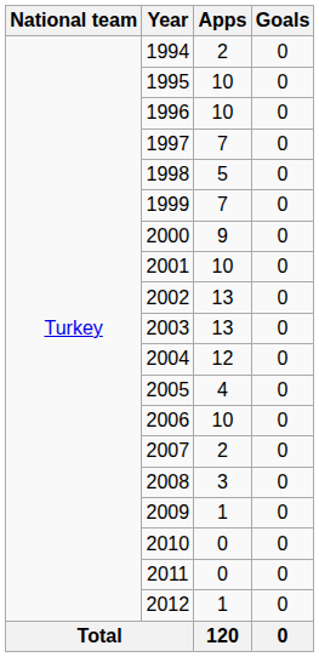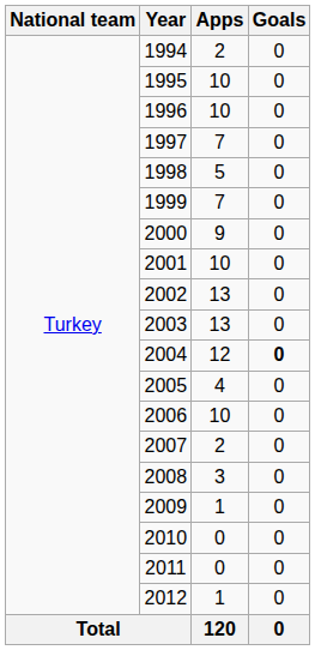 <table class="wikitable" style="text-align:center">
 <tr>
 <th>National team</th>
 <th>Year</th>
 <th>Apps</th>
 <th>Goals</th>
 </tr>
 <tr>
 <td rowspan="19"><a href='#'>Turkey</a></td>
 <td>1994</td>
 <td>2</td>
 <td>0</td>
 </tr>
 <tr>
 <td>1995</td>
 <td>10</td>
 <td>0</td>
 </tr>
 <tr>
 <td>1996</td>
 <td>10</td>
 <td>0</td>
 </tr>
 <tr>
 <td>1997</td>
 <td>7</td>
 <td>0</td>
 </tr>
 <tr>
 <td>1998</td>
 <td>5</td>
 <td>0</td>
 </tr>
 <tr>
 <td>1999</td>
 <td>7</td>
 <td>0</td>
 </tr>
 <tr>
 <td>2000</td>
 <td>9</td>
 <td>0</td>
 </tr>
 <tr>
 <td>2001</td>
 <td>10</td>
 <td>0</td>
 </tr>
 <tr>
 <td>2002</td>
 <td>13</td>
 <td>0</td>
 </tr>
 <tr>
 <td>2003</td>
 <td>13</td>
 <td>0</td>
 </tr>
 <tr>
 <td>2004</td>
 <td>12</td>
-<td>0</td>
+<td><strong>0</strong></td>
 </tr>
 <tr>
 <td>2005</td>
 <td>4</td>
 <td>0</td>
 </tr>
 <tr>
 <td>2006</td>
 <td>10</td>
 <td>0</td>
 </tr>
 <tr>
 <td>2007</td>
 <td>2</td>
 <td>0</td>
 </tr>
 <tr>
 <td>2008</td>
 <td>3</td>
 <td>0</td>
 </tr>
 <tr>
 <td>2009</td>
 <td>1</td>
 <td>0</td>
 </tr>
 <tr>
 <td>2010</td>
 <td>0</td>
 <td>0</td>
 </tr>
 <tr>
 <td>2011</td>
 <td>0</td>
 <td>0</td>
 </tr>
 <tr>
 <td>2012</td>
 <td>1</td>
 <td>0</td>
 </tr>
 <tr>
 <th colspan="2">Total</th>
 <th>120</th>
 <th>0</th>
 </tr>
 </table>
